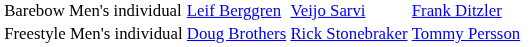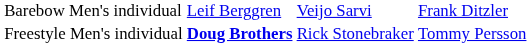 <table>
 <tr>
 <td>Barebow Men's individual<br></td>
 <td> <a href='#'>Leif Berggren</a></td>
 <td> <a href='#'>Veijo Sarvi</a></td>
 <td> <a href='#'>Frank Ditzler</a></td>
 </tr>
 <tr>
 <td>Freestyle Men's individual<br></td>
-<td> <a href='#'>Doug Brothers</a></td>
+<td><strong> <a href='#'>Doug Brothers</a></strong></td>
 <td> <a href='#'>Rick Stonebraker</a></td>
 <td> <a href='#'>Tommy Persson</a></td>
 </tr>
 </table>
